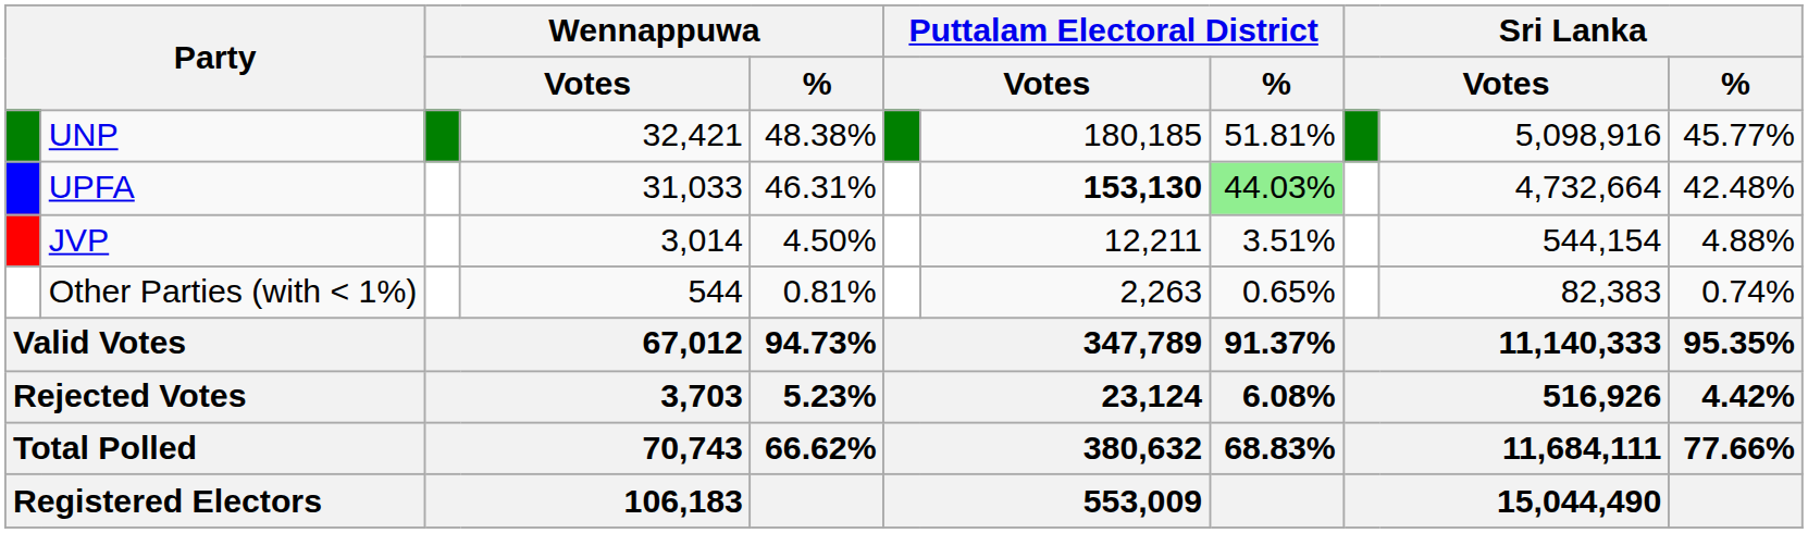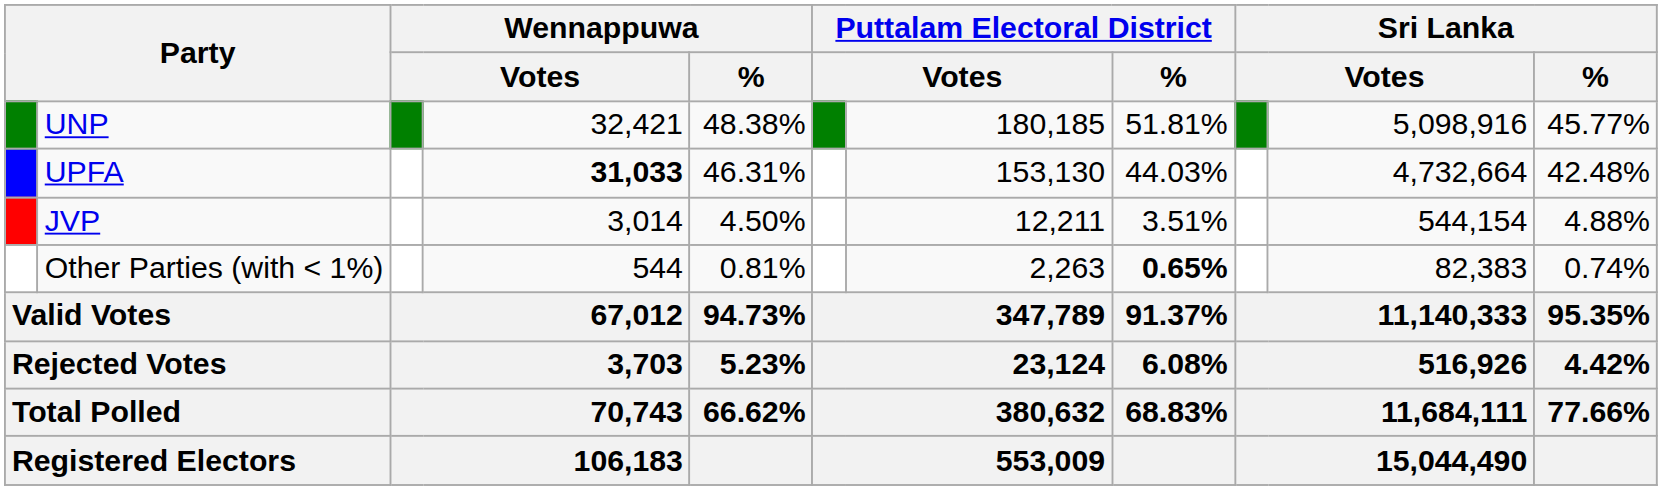 <table class="wikitable">
 <tr>
 <th colspan="2" width="144px"rowspan="2">Party</th>
 <th colspan="3" width="216px">Wennappuwa</th>
 <th colspan="3" width="216px"><a href='#'>Puttalam Electoral District</a></th>
 <th colspan="3" width="216px">Sri Lanka</th>
 </tr>
 <tr>
 <th colspan="2" width="144px">Votes</th>
 <th>%</th>
 <th colspan="2" width="144px">Votes</th>
 <th>%</th>
 <th colspan="2" width="144px">Votes</th>
 <th>%</th>
 </tr>
 <tr>
 <td style="background-color:green;" width="10px"></td>
 <td style="text-align:left;"><a href='#'>UNP</a></td>
 <td style="background-color:green;" width="10px"></td>
 <td style="text-align:right;">32,421</td>
 <td style="text-align:right;">48.38%</td>
 <td style="background-color:green;" width="10px"></td>
 <td style="text-align:right;">180,185</td>
 <td style="text-align:right;">51.81%</td>
 <td style="background-color:green;" width="10px"></td>
 <td style="text-align:right;">5,098,916</td>
 <td style="text-align:right;">45.77%</td>
 </tr>
 <tr>
 <td style="background-color:blue;" width="10px"></td>
 <td style="text-align:left;"><a href='#'>UPFA</a></td>
 <td style="background-color:white;" width="10px"></td>
-<td style="text-align:right;">31,033</td>
+<td style="text-align:right;"><strong>31,033</strong></td>
 <td style="text-align:right;">46.31%</td>
 <td style="background-color:white;" width="10px"></td>
-<td style="text-align:right;"><strong>153,130</strong></td>
-<td style="background: lightgreen; text-align:right;">44.03%</td>
+<td style="text-align:right;">153,130</td>
+<td style="text-align:right;">44.03%</td>
 <td style="background-color:white;" width="10px"></td>
 <td style="text-align:right;">4,732,664</td>
 <td style="text-align:right;">42.48%</td>
 </tr>
 <tr>
 <td style="background-color:red;" width="10px"></td>
 <td style="text-align:left;"><a href='#'>JVP</a></td>
 <td style="background-color:white;" width="10px"></td>
 <td style="text-align:right;">3,014</td>
 <td style="text-align:right;">4.50%</td>
 <td style="background-color:white;" width="10px"></td>
 <td style="text-align:right;">12,211</td>
 <td style="text-align:right;">3.51%</td>
 <td style="background-color:white;" width="10px"></td>
 <td style="text-align:right;">544,154</td>
 <td style="text-align:right;">4.88%</td>
 </tr>
 <tr>
 <td style="background-color:white;" width="10px"></td>
 <td style="text-align:left;">Other Parties (with < 1%)</td>
 <td style="background-color:white;" width="10px"></td>
 <td style="text-align:right;">544</td>
 <td style="text-align:right;">0.81%</td>
 <td style="background-color:white;" width="10px"></td>
 <td style="text-align:right;">2,263</td>
-<td style="text-align:right;">0.65%</td>
+<td style="text-align:right;"><strong>0.65%</strong></td>
 <td style="background-color:white;" width="10px"></td>
 <td style="text-align:right;">82,383</td>
 <td style="text-align:right;">0.74%</td>
 </tr>
 <tr>
 <th colspan="2" width="144px"style="text-align:left;">Valid Votes</th>
 <th style="text-align:right;"colspan="2" width="144px">67,012</th>
 <th style="text-align:right;">94.73%</th>
 <th style="text-align:right;"colspan="2" width="144px">347,789</th>
 <th style="text-align:right;">91.37%</th>
 <th style="text-align:right;"colspan="2" width="144px">11,140,333</th>
 <th style="text-align:right;">95.35%</th>
 </tr>
 <tr>
 <th colspan="2" width="144px"style="text-align:left;">Rejected Votes</th>
 <th style="text-align:right;"colspan="2" width="144px">3,703</th>
 <th style="text-align:right;">5.23%</th>
 <th style="text-align:right;"colspan="2" width="144px">23,124</th>
 <th style="text-align:right;">6.08%</th>
 <th style="text-align:right;"colspan="2" width="144px">516,926</th>
 <th style="text-align:right;">4.42%</th>
 </tr>
 <tr>
 <th colspan="2" width="144px"style="text-align:left;">Total Polled</th>
 <th style="text-align:right;"colspan="2" width="144px">70,743</th>
 <th style="text-align:right;">66.62%</th>
 <th style="text-align:right;"colspan="2" width="144px">380,632</th>
 <th style="text-align:right;">68.83%</th>
 <th style="text-align:right;"colspan="2" width="144px">11,684,111</th>
 <th style="text-align:right;">77.66%</th>
 </tr>
 <tr>
 <th colspan="2" width="144px"style="text-align:left;">Registered Electors</th>
 <th style="text-align:right;"colspan="2" width="144px">106,183</th>
 <th></th>
 <th style="text-align:right;"colspan="2" width="144px">553,009</th>
 <th></th>
 <th style="text-align:right;"colspan="2" width="144px">15,044,490</th>
 <th></th>
 </tr>
 </table>
